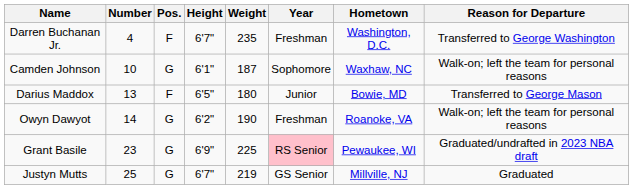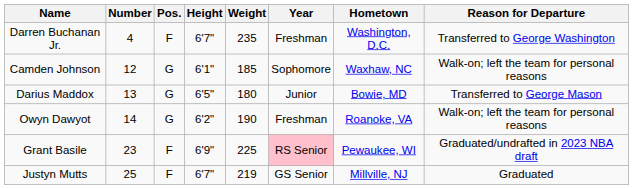 <table class="wikitable sortable" style="text-align:center;">
 <tr align=center>
 <th>Name</th>
 <th>Number</th>
 <th>Pos.</th>
 <th>Height</th>
 <th>Weight</th>
 <th>Year</th>
 <th>Hometown</th>
 <th>Reason for Departure</th>
 </tr>
 <tr>
 <td>Darren Buchanan Jr.</td>
 <td>4</td>
 <td>F</td>
 <td>6'7"</td>
 <td>235</td>
 <td>Freshman</td>
 <td><a href='#'>Washington, D.C.</a></td>
 <td>Transferred to <a href='#'>George Washington</a></td>
 </tr>
 <tr>
 <td>Camden Johnson</td>
-<td>10</td>
+<td>12</td>
 <td>G</td>
 <td>6'1"</td>
-<td>187</td>
+<td>185</td>
 <td>Sophomore</td>
 <td><a href='#'>Waxhaw, NC</a></td>
 <td>Walk-on; left the team for personal reasons</td>
 </tr>
 <tr>
 <td>Darius Maddox</td>
 <td>13</td>
-<td>F</td>
+<td>G</td>
 <td>6'5"</td>
 <td>180</td>
 <td>Junior</td>
 <td><a href='#'>Bowie, MD</a></td>
 <td>Transferred to <a href='#'>George Mason</a></td>
 </tr>
 <tr>
 <td>Owyn Dawyot</td>
 <td>14</td>
 <td>G</td>
 <td>6'2"</td>
 <td>190</td>
 <td>Freshman</td>
 <td><a href='#'>Roanoke, VA</a></td>
 <td>Walk-on; left the team for personal reasons</td>
 </tr>
 <tr>
 <td>Grant Basile</td>
 <td>23</td>
-<td>G</td>
+<td>F</td>
 <td>6'9"</td>
 <td>225</td>
 <td style="background: pink;">RS Senior</td>
 <td><a href='#'>Pewaukee, WI</a></td>
 <td>Graduated/undrafted in <a href='#'>2023 NBA draft</a></td>
 </tr>
 <tr>
 <td>Justyn Mutts</td>
 <td>25</td>
-<td>G</td>
+<td>F</td>
 <td>6'7"</td>
 <td>219</td>
 <td>GS Senior</td>
 <td><a href='#'>Millville, NJ</a></td>
 <td>Graduated</td>
 </tr>
 </table>
